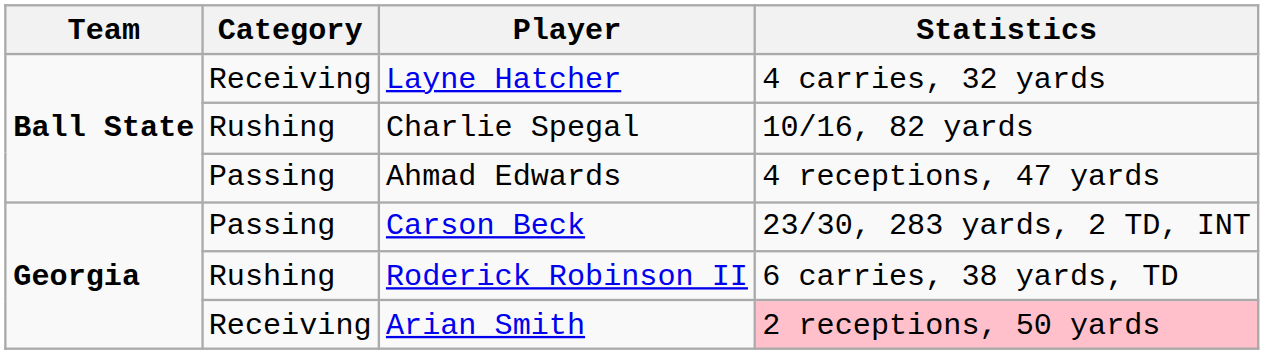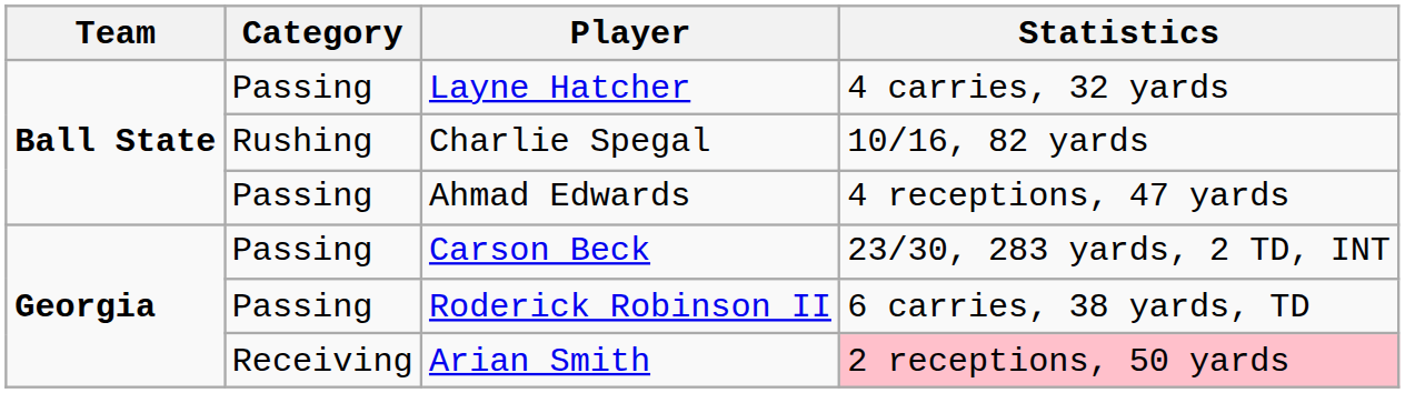 <table class="wikitable" style="float: right;">
 <tr>
 <th>Team</th>
 <th>Category</th>
 <th>Player</th>
 <th>Statistics</th>
 </tr>
 <tr>
 <td rowspan=3><strong>Ball State</strong></td>
-<td>Receiving</td>
+<td>Passing</td>
 <td><a href='#'>Layne Hatcher</a></td>
 <td>4 carries, 32 yards</td>
 </tr>
 <tr>
 <td>Rushing</td>
 <td>Charlie Spegal</td>
 <td>10/16, 82 yards</td>
 </tr>
 <tr>
 <td>Passing</td>
 <td>Ahmad Edwards</td>
 <td>4 receptions, 47 yards</td>
 </tr>
 <tr>
 <td rowspan=3><strong>Georgia</strong></td>
 <td>Passing</td>
 <td><a href='#'>Carson Beck</a></td>
 <td>23/30, 283 yards, 2 TD, INT</td>
 </tr>
 <tr>
-<td>Rushing</td>
+<td>Passing</td>
 <td><a href='#'>Roderick Robinson II</a></td>
 <td>6 carries, 38 yards, TD</td>
 </tr>
 <tr>
 <td>Receiving</td>
 <td><a href='#'>Arian Smith</a></td>
 <td style="background: pink;">2 receptions, 50 yards</td>
 </tr>
 </table>
